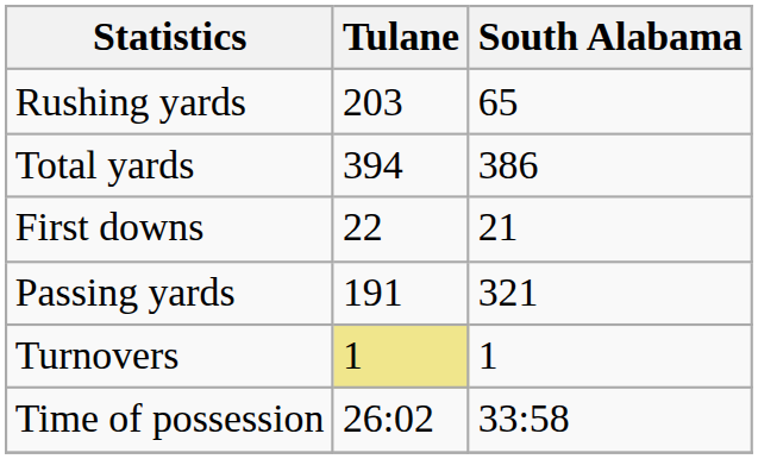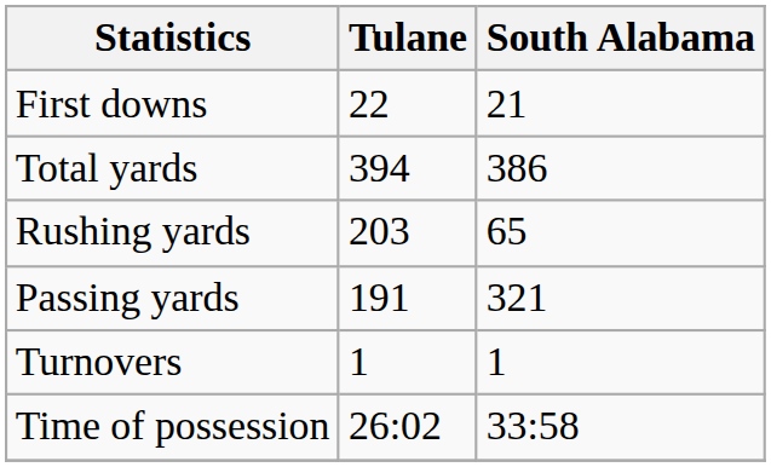 <table class="wikitable">
 <tr>
 <th>Statistics</th>
 <th>Tulane</th>
 <th>South Alabama</th>
 </tr>
 <tr>
-<td>Rushing yards</td>
-<td>203</td>
-<td>65</td>
+<td>First downs</td>
+<td>22</td>
+<td>21</td>
 </tr>
 <tr>
 <td>Total yards</td>
 <td>394</td>
 <td>386</td>
 </tr>
 <tr>
-<td>First downs</td>
-<td>22</td>
-<td>21</td>
+<td>Rushing yards</td>
+<td>203</td>
+<td>65</td>
 </tr>
 <tr>
 <td>Passing yards</td>
 <td>191</td>
 <td>321</td>
 </tr>
 <tr>
 <td>Turnovers</td>
-<td style="background: khaki;">1</td>
+<td>1</td>
 <td>1</td>
 </tr>
 <tr>
 <td>Time of possession</td>
 <td>26:02</td>
 <td>33:58</td>
 </tr>
 <tr>
 </tr>
 </table>
